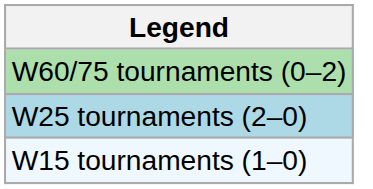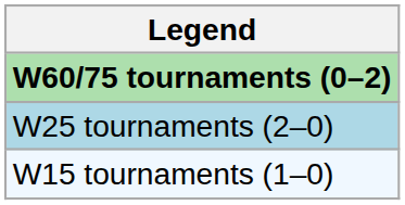 <table class=wikitable style="font-size:85%">
 <tr>
 <th>Legend</th>
 </tr>
 <tr style="background:#addfad;">
-<td>W60/75 tournaments (0–2)</td>
+<td><strong>W60/75 tournaments (0–2)</strong></td>
 </tr>
 <tr style="background:lightblue;">
 <td>W25 tournaments (2–0)</td>
 </tr>
 <tr style="background:#f0f8ff;">
 <td>W15 tournaments (1–0)</td>
 </tr>
 </table>
